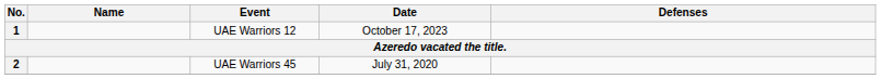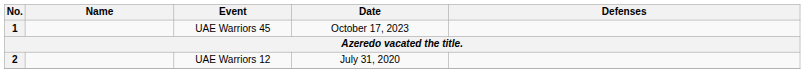 <table class="wikitable" width=100%>
 <tr>
 <th width=1%>No.</th>
 <th width=19%>Name</th>
 <th width=15%>Event</th>
 <th width=20%>Date</th>
 <th width=45%>Defenses</th>
 </tr>
 <tr>
 <th>1</th>
 <td align=left><br></td>
-<td align=center>UAE Warriors 12 <br></td>
+<td align=center>UAE Warriors 45 <br></td>
 <td align=center>October 17, 2023</td>
 <td></td>
 </tr>
 <tr>
 <th colspan=6 align=center><em>Azeredo vacated the title.</em></th>
 </tr>
 <tr>
 <th>2</th>
 <td align=left><br></td>
-<td align=center>UAE Warriors 45 <br></td>
+<td align=center>UAE Warriors 12 <br></td>
 <td align=center>July 31, 2020</td>
 <td></td>
 </tr>
 <tr>
 </tr>
 </table>
